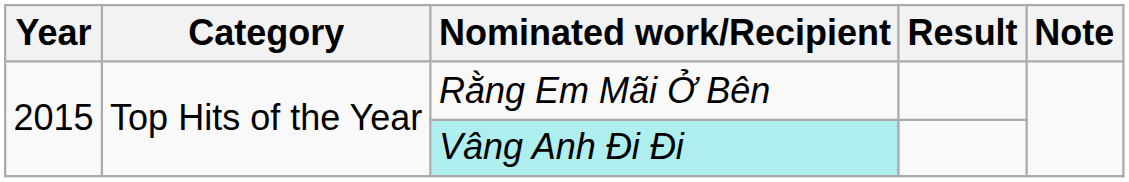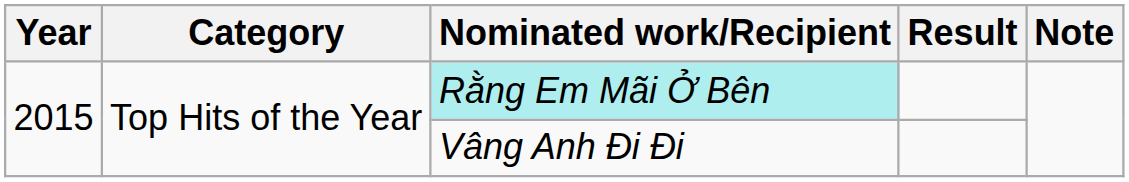 <table class="wikitable">
 <tr>
 <th>Year</th>
 <th>Category</th>
 <th>Nominated work/Recipient</th>
 <th>Result</th>
 <th>Note</th>
 </tr>
 <tr>
 <td rowspan="2">2015</td>
 <td rowspan="2">Top Hits of the Year</td>
-<td><em>Rằng Em Mãi Ở Bên</em></td>
+<td style="background: paleturquoise;"><em>Rằng Em Mãi Ở Bên</em></td>
 <td></td>
 <td rowspan="2"></td>
 </tr>
 <tr>
-<td style="background: paleturquoise;"><em>Vâng Anh Đi Đi</em></td>
+<td><em>Vâng Anh Đi Đi</em></td>
 <td></td>
 </tr>
 </table>
